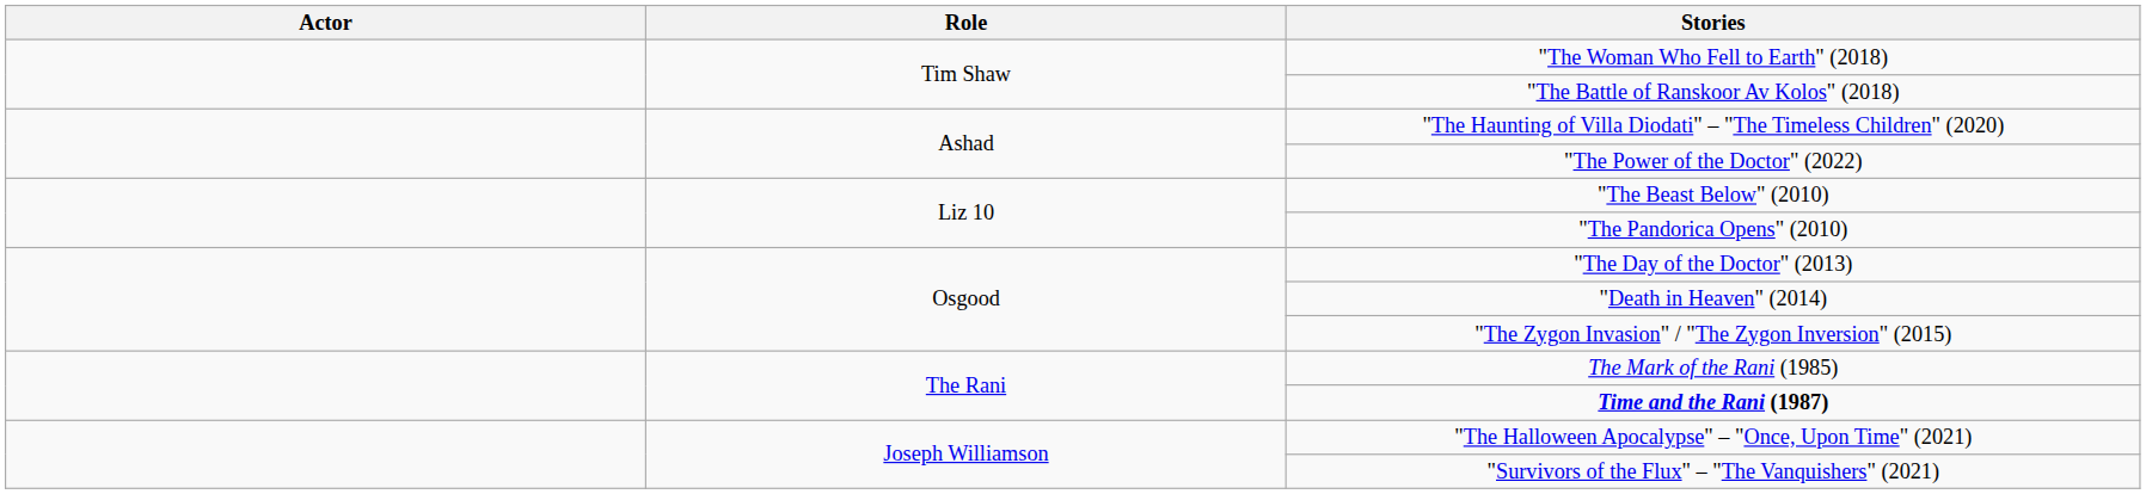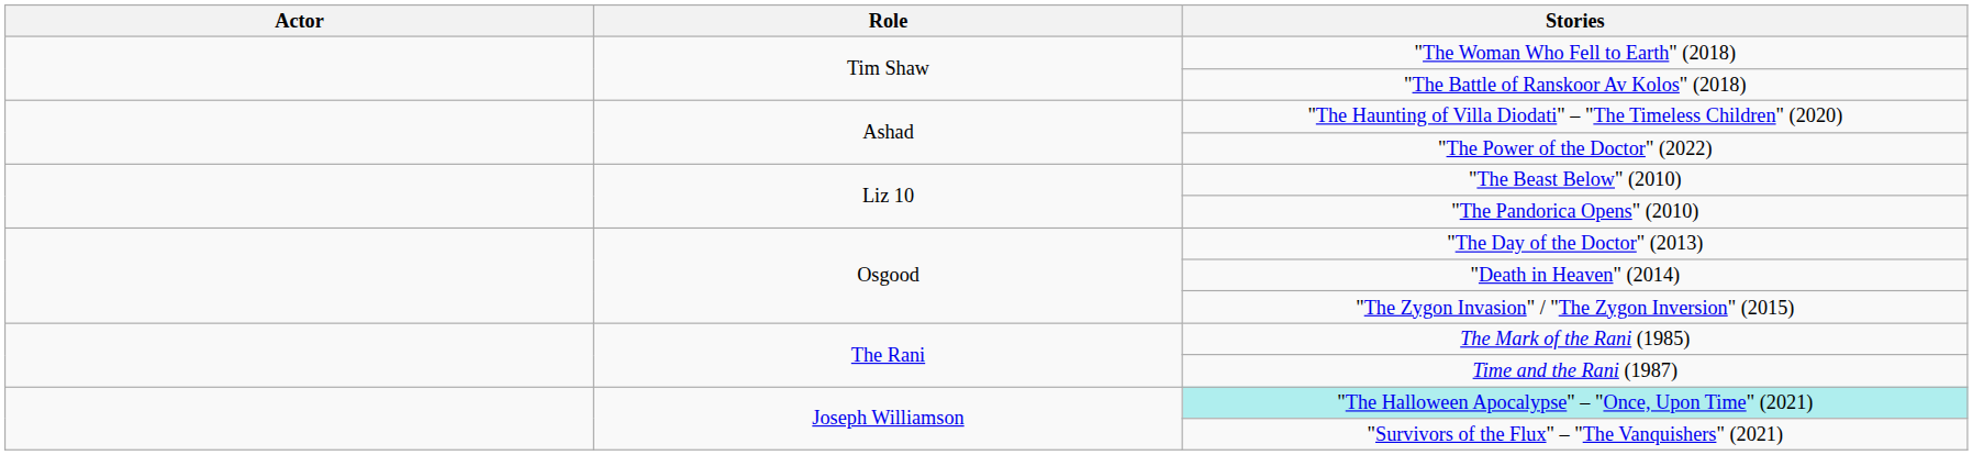 <table class="wikitable plainrowheaders sortable" style="text-align:center; width:99%;">
 <tr>
 <th style="width:30%;">Actor</th>
 <th scope="col" style="width:30%;">Role</th>
 <th scope="col" style="width:40%;">Stories</th>
 </tr>
 <tr>
 <td scope="row" rowspan="2"></td>
 <td rowspan="2">Tim Shaw</td>
 <td data-sort-value="277">"<a href='#'>The Woman Who Fell to Earth</a>" (2018)</td>
 </tr>
 <tr>
 <td data-sort-value="286">"<a href='#'>The Battle of Ranskoor Av Kolos</a>" (2018)</td>
 </tr>
 <tr>
 <td rowspan="2" scope="row"></td>
 <td rowspan="2">Ashad</td>
 <td data-sort-value="294">"<a href='#'>The Haunting of Villa Diodati</a>" – "<a href='#'>The Timeless Children</a>" (2020)</td>
 </tr>
 <tr>
 <td data-sort-value="300">"<a href='#'>The Power of the Doctor</a>" (2022)</td>
 </tr>
 <tr>
 <td scope="row" rowspan="2"></td>
 <td rowspan="2">Liz 10</td>
 <td data-sort-value="204">"<a href='#'>The Beast Below</a>" (2010)</td>
 </tr>
 <tr>
 <td data-sort-value="212a">"<a href='#'>The Pandorica Opens</a>" (2010)</td>
 </tr>
 <tr>
 <td scope="row" rowspan="3"></td>
 <td rowspan="3">Osgood</td>
 <td data-sort-value="240">"<a href='#'>The Day of the Doctor</a>" (2013)</td>
 </tr>
 <tr>
 <td data-sort-value="252b">"<a href='#'>Death in Heaven</a>" (2014)</td>
 </tr>
 <tr>
 <td data-sort-value="258a">"<a href='#'>The Zygon Invasion</a>" / "<a href='#'>The Zygon Inversion</a>" (2015)</td>
 </tr>
 <tr>
 <td scope="row" rowspan="2"></td>
 <td rowspan="2"><a href='#'>The Rani</a></td>
 <td data-sort-value="139"><em><a href='#'>The Mark of the Rani</a></em> (1985)</td>
 </tr>
 <tr>
-<td data-sort-value="144"><strong><em><a href='#'>Time and the Rani</a></em> (1987)</strong></td>
+<td data-sort-value="144"><em><a href='#'>Time and the Rani</a></em> (1987)</td>
 </tr>
 <tr>
 <td scope="row" rowspan="2"></td>
 <td rowspan="2"><a href='#'>Joseph Williamson</a></td>
-<td data-sort-value="297a">"<a href='#'>The Halloween Apocalypse</a>" – "<a href='#'>Once, Upon Time</a>" (2021)</td>
+<td data-sort-value="297a" style="background: paleturquoise;">"<a href='#'>The Halloween Apocalypse</a>" – "<a href='#'>Once, Upon Time</a>" (2021)</td>
 </tr>
 <tr>
 <td data-sort-value="297e">"<a href='#'>Survivors of the Flux</a>" – "<a href='#'>The Vanquishers</a>" (2021)</td>
 </tr>
 </table>
